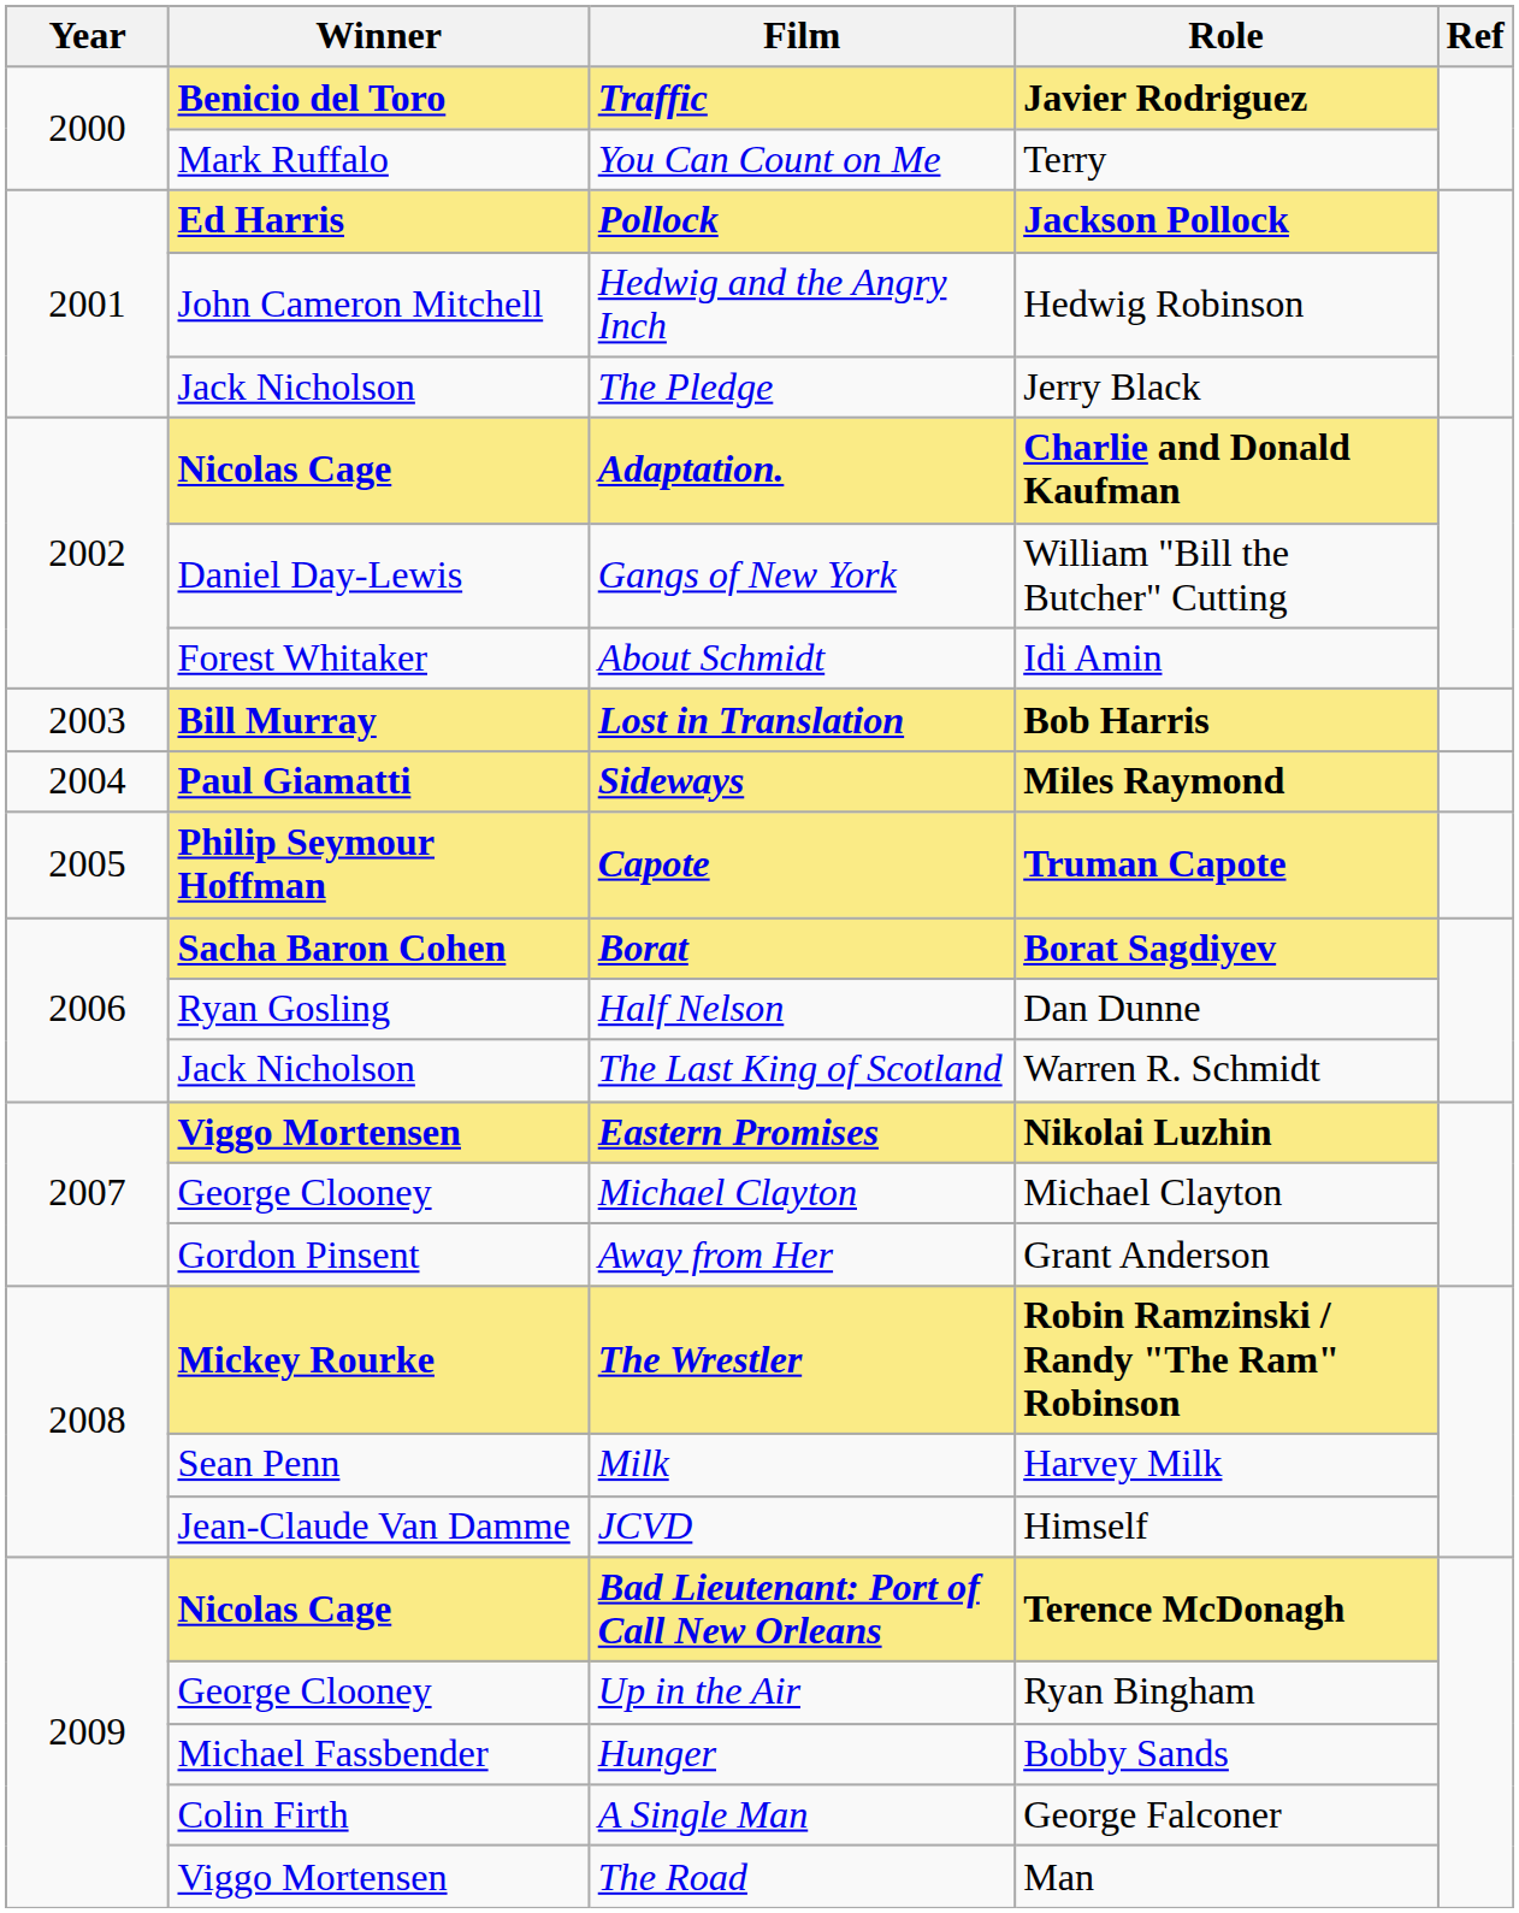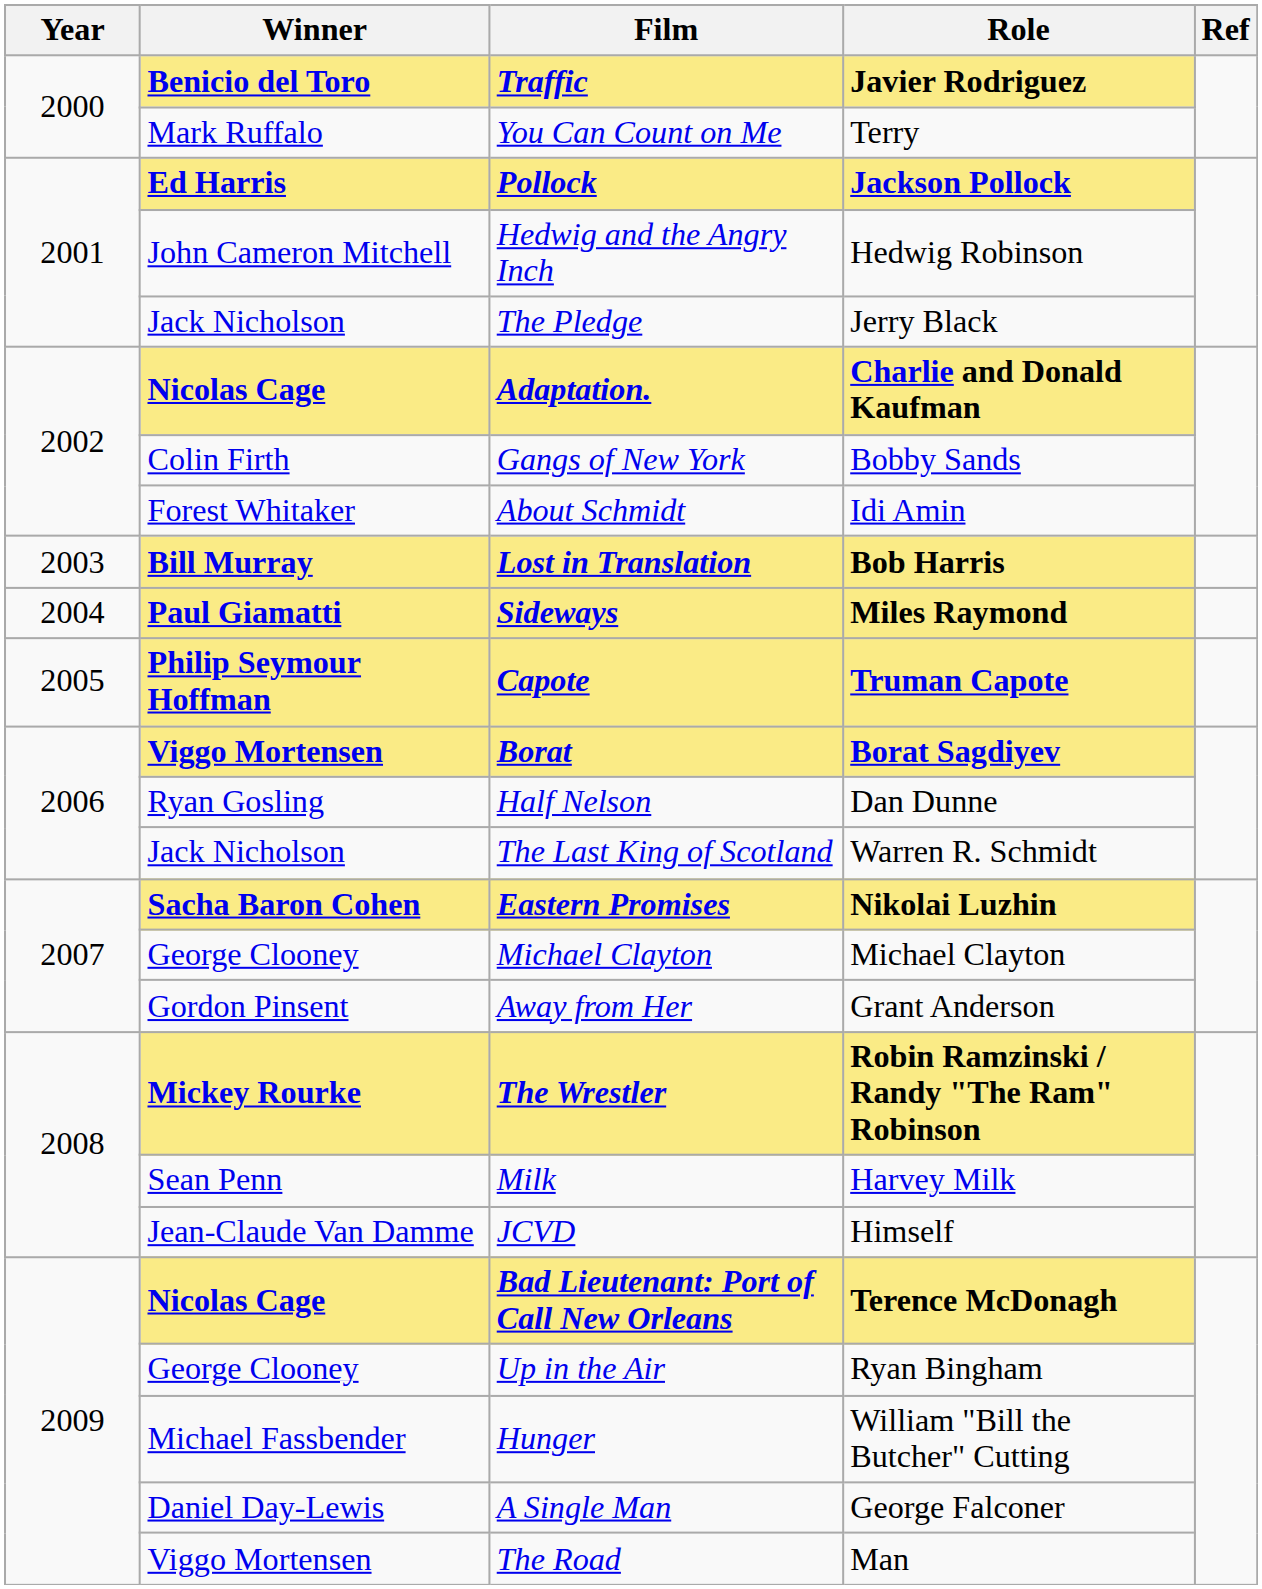 <table class="wikitable" width="100%" cellpadding="5">
 <tr>
 <th width="100"><strong>Year</strong></th>
 <th width="300"><strong>Winner</strong></th>
 <th width="300"><strong>Film</strong></th>
 <th width="300"><strong>Role</strong></th>
 <th width="15"><strong>Ref</strong></th>
 </tr>
 <tr>
 <td style="text-align:center;" rowspan=2>2000</td>
 <td style="background:#FAEB86;"><strong><a href='#'>Benicio del Toro</a></strong></td>
 <td style="background:#FAEB86;"><strong><em><a href='#'>Traffic</a></em></strong></td>
 <td style="background:#FAEB86;"><strong>Javier Rodriguez</strong></td>
 <td rowspan=2></td>
 </tr>
 <tr>
 <td><a href='#'>Mark Ruffalo</a></td>
 <td><em><a href='#'>You Can Count on Me</a></em></td>
 <td>Terry</td>
 </tr>
 <tr>
 <td style="text-align:center;" rowspan=3>2001</td>
 <td style="background:#FAEB86;"><strong><a href='#'>Ed Harris</a></strong></td>
 <td style="background:#FAEB86;"><strong><em><a href='#'>Pollock</a></em></strong></td>
 <td style="background:#FAEB86;"><strong><a href='#'>Jackson Pollock</a></strong></td>
 <td rowspan=3></td>
 </tr>
 <tr>
 <td><a href='#'>John Cameron Mitchell</a></td>
 <td><em><a href='#'>Hedwig and the Angry Inch</a></em></td>
 <td>Hedwig Robinson</td>
 </tr>
 <tr>
 <td><a href='#'>Jack Nicholson</a></td>
 <td><em><a href='#'>The Pledge</a></em></td>
 <td>Jerry Black</td>
 </tr>
 <tr>
 <td style="text-align:center;" rowspan=3>2002</td>
 <td style="background:#FAEB86;"><strong><a href='#'>Nicolas Cage</a></strong></td>
 <td style="background:#FAEB86;"><strong><em><a href='#'>Adaptation.</a></em></strong></td>
 <td style="background:#FAEB86;"><strong><a href='#'>Charlie</a> and Donald Kaufman</strong></td>
 <td rowspan=3></td>
 </tr>
 <tr>
-<td><a href='#'>Daniel Day-Lewis</a></td>
+<td><a href='#'>Colin Firth</a></td>
 <td><em><a href='#'>Gangs of New York</a></em></td>
-<td>William "Bill the Butcher" Cutting</td>
+<td><a href='#'>Bobby Sands</a></td>
 </tr>
 <tr>
 <td><a href='#'>Forest Whitaker</a></td>
 <td><em><a href='#'>About Schmidt</a></em></td>
 <td><a href='#'>Idi Amin</a></td>
 </tr>
 <tr>
 <td style="text-align:center;">2003</td>
 <td style="background:#FAEB86;"><strong><a href='#'>Bill Murray</a></strong></td>
 <td style="background:#FAEB86;"><strong><em><a href='#'>Lost in Translation</a></em></strong></td>
 <td style="background:#FAEB86;"><strong>Bob Harris</strong></td>
 <td></td>
 </tr>
 <tr>
 <td style="text-align:center;">2004</td>
 <td style="background:#FAEB86;"><strong><a href='#'>Paul Giamatti</a></strong></td>
 <td style="background:#FAEB86;"><strong><em><a href='#'>Sideways</a></em></strong></td>
 <td style="background:#FAEB86;"><strong>Miles Raymond</strong></td>
 <td></td>
 </tr>
 <tr>
 <td style="text-align:center;">2005</td>
 <td style="background:#FAEB86;"><strong><a href='#'>Philip Seymour Hoffman</a></strong></td>
 <td style="background:#FAEB86;"><strong><em><a href='#'>Capote</a></em></strong></td>
 <td style="background:#FAEB86;"><strong><a href='#'>Truman Capote</a></strong></td>
 <td></td>
 </tr>
 <tr>
 <td rowspan="3" style="text-align:center;">2006</td>
-<td style="background:#FAEB86;"><strong><a href='#'>Sacha Baron Cohen</a></strong></td>
+<td style="background:#FAEB86;"><strong><a href='#'>Viggo Mortensen</a></strong></td>
 <td style="background:#FAEB86;"><strong><em><a href='#'>Borat</a></em></strong></td>
 <td style="background:#FAEB86;"><strong><a href='#'>Borat Sagdiyev</a></strong></td>
 <td rowspan=3></td>
 </tr>
 <tr>
 <td><a href='#'>Ryan Gosling</a></td>
 <td><em><a href='#'>Half Nelson</a></em></td>
 <td>Dan Dunne</td>
 </tr>
 <tr>
 <td><a href='#'>Jack Nicholson</a></td>
 <td><em><a href='#'>The Last King of Scotland</a></em></td>
 <td>Warren R. Schmidt</td>
 </tr>
 <tr>
 <td rowspan="3" style="text-align:center;">2007</td>
-<td style="background:#FAEB86;"><strong><a href='#'>Viggo Mortensen</a></strong></td>
+<td style="background:#FAEB86;"><strong><a href='#'>Sacha Baron Cohen</a></strong></td>
 <td style="background:#FAEB86;"><strong><em><a href='#'>Eastern Promises</a></em></strong></td>
 <td style="background:#FAEB86;"><strong>Nikolai Luzhin</strong></td>
 <td rowspan=3></td>
 </tr>
 <tr>
 <td><a href='#'>George Clooney</a></td>
 <td><em><a href='#'>Michael Clayton</a></em></td>
 <td>Michael Clayton</td>
 </tr>
 <tr>
 <td><a href='#'>Gordon Pinsent</a></td>
 <td><em><a href='#'>Away from Her</a></em></td>
 <td>Grant Anderson</td>
 </tr>
 <tr>
 <td rowspan="3" style="text-align:center;">2008</td>
 <td style="background:#FAEB86;"><strong><a href='#'>Mickey Rourke</a></strong></td>
 <td style="background:#FAEB86;"><strong><em><a href='#'>The Wrestler</a></em></strong></td>
 <td style="background:#FAEB86;"><strong>Robin Ramzinski / Randy "The Ram" Robinson</strong></td>
 <td rowspan=3></td>
 </tr>
 <tr>
 <td><a href='#'>Sean Penn</a></td>
 <td><em><a href='#'>Milk</a></em></td>
 <td><a href='#'>Harvey Milk</a></td>
 </tr>
 <tr>
 <td><a href='#'>Jean-Claude Van Damme</a></td>
 <td><em><a href='#'>JCVD</a></em></td>
 <td>Himself</td>
 </tr>
 <tr>
 <td rowspan="5" style="text-align:center;">2009</td>
 <td style="background:#FAEB86;"><strong><a href='#'>Nicolas Cage</a></strong></td>
 <td style="background:#FAEB86;"><strong><em><a href='#'>Bad Lieutenant: Port of Call New Orleans</a></em></strong></td>
 <td style="background:#FAEB86;"><strong>Terence McDonagh</strong></td>
 <td rowspan=5></td>
 </tr>
 <tr>
 <td><a href='#'>George Clooney</a></td>
 <td><em><a href='#'>Up in the Air</a></em></td>
 <td>Ryan Bingham</td>
 </tr>
 <tr>
 <td><a href='#'>Michael Fassbender</a></td>
 <td><em><a href='#'>Hunger</a></em></td>
-<td><a href='#'>Bobby Sands</a></td>
+<td>William "Bill the Butcher" Cutting</td>
 </tr>
 <tr>
-<td><a href='#'>Colin Firth</a></td>
+<td><a href='#'>Daniel Day-Lewis</a></td>
 <td><em><a href='#'>A Single Man</a></em></td>
 <td>George Falconer</td>
 </tr>
 <tr>
 <td><a href='#'>Viggo Mortensen</a></td>
 <td><em><a href='#'>The Road</a></em></td>
 <td>Man</td>
 </tr>
 </table>
